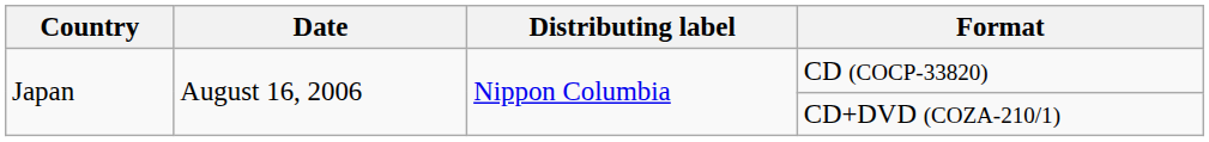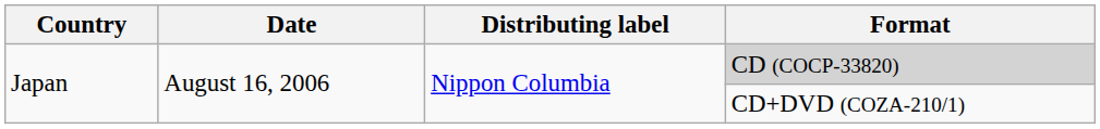 <table class="wikitable" style="width:700px">
 <tr>
 <th>Country</th>
 <th>Date</th>
 <th>Distributing label</th>
 <th>Format</th>
 </tr>
 <tr>
 <td rowspan="2">Japan</td>
 <td rowspan="2">August 16, 2006</td>
 <td rowspan="2"><a href='#'>Nippon Columbia</a></td>
-<td>CD <small>(COCP-33820)</small></td>
+<td style="background: lightgrey;">CD <small>(COCP-33820)</small></td>
 </tr>
 <tr>
 <td>CD+DVD <small>(COZA-210/1)</small></td>
 </tr>
 </table>
